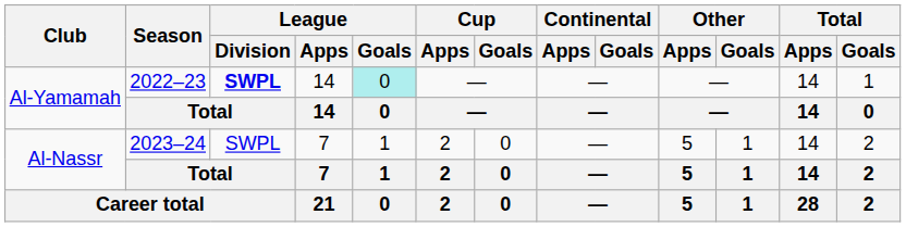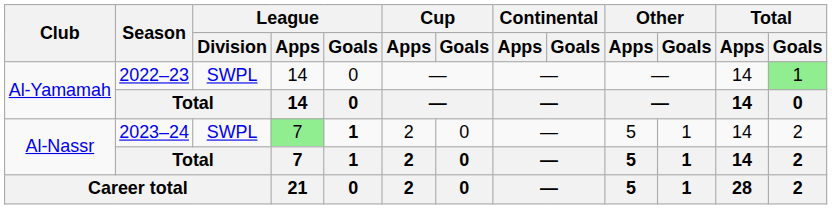 <table class="wikitable" style="text-align: center;">
 <tr>
 <th rowspan="2">Club</th>
 <th rowspan="2">Season</th>
 <th colspan="3">League</th>
 <th colspan="2">Cup</th>
 <th colspan="2">Continental</th>
 <th colspan="2">Other</th>
 <th colspan="2">Total</th>
 </tr>
 <tr>
 <th>Division</th>
 <th>Apps</th>
 <th>Goals</th>
 <th>Apps</th>
 <th>Goals</th>
 <th>Apps</th>
 <th>Goals</th>
 <th>Apps</th>
 <th>Goals</th>
 <th>Apps</th>
 <th>Goals</th>
 </tr>
 <tr>
 <td rowspan="2"><a href='#'>Al-Yamamah</a></td>
 <td><a href='#'>2022–23</a></td>
-<td rowspan="1"><strong><a href='#'>SWPL</a></strong></td>
+<td rowspan="1"><a href='#'>SWPL</a></td>
 <td>14</td>
-<td style="background: paleturquoise;">0</td>
+<td>0</td>
 <td colspan="2">—</td>
 <td colspan="2">—</td>
 <td colspan="2">—</td>
 <td>14</td>
-<td>1</td>
+<td style="background: lightgreen;">1</td>
 </tr>
 <tr>
 <th colspan="2">Total</th>
 <th>14</th>
 <th>0</th>
 <th colspan="2">—</th>
 <th colspan="2">—</th>
 <th colspan="2">—</th>
 <th>14</th>
 <th>0</th>
 </tr>
 <tr>
 <td rowspan="2"><a href='#'>Al-Nassr</a></td>
 <td><a href='#'>2023–24</a></td>
 <td rowspan="1"><a href='#'>SWPL</a></td>
-<td>7</td>
-<td>1</td>
+<td style="background: lightgreen;">7</td>
+<td><strong>1</strong></td>
 <td>2</td>
 <td>0</td>
 <td colspan="2">—</td>
 <td>5</td>
 <td>1</td>
 <td>14</td>
 <td>2</td>
 </tr>
 <tr>
 <th colspan="2">Total</th>
 <th>7</th>
 <th>1</th>
 <th>2</th>
 <th>0</th>
 <th colspan="2">—</th>
 <th>5</th>
 <th>1</th>
 <th>14</th>
 <th>2</th>
 </tr>
 <tr>
 <th colspan="3">Career total</th>
 <th>21</th>
 <th>0</th>
 <th>2</th>
 <th>0</th>
 <th colspan="2">—</th>
 <th>5</th>
 <th>1</th>
 <th>28</th>
 <th>2</th>
 </tr>
 </table>
